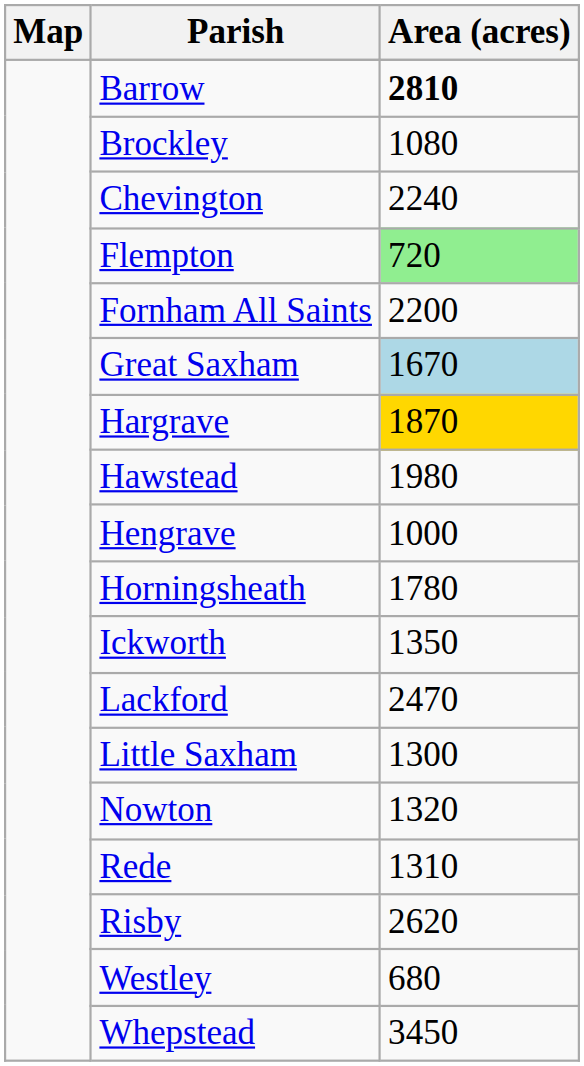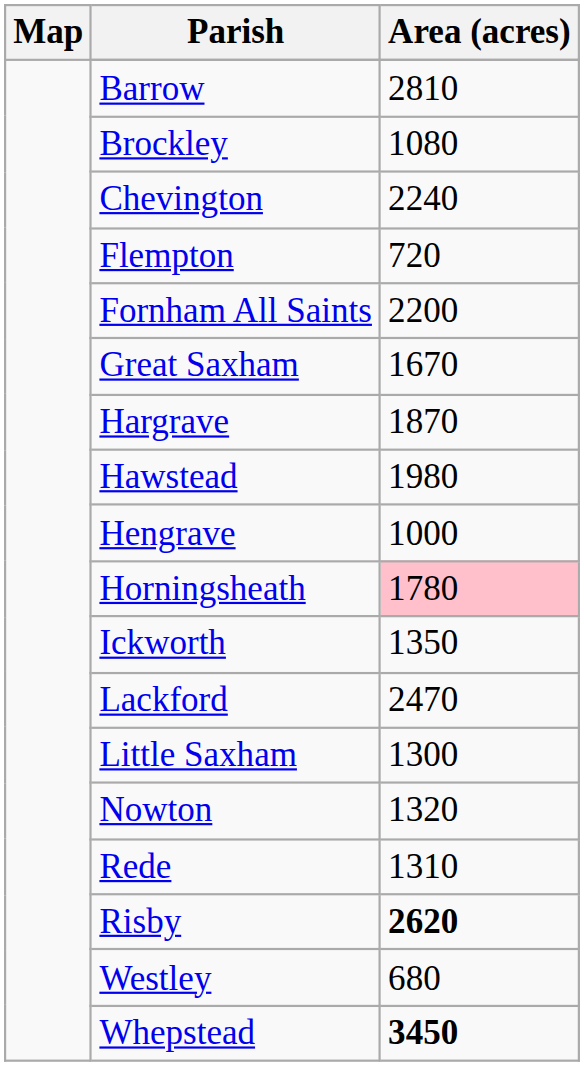 <table class="sortable wikitable vatop" style=" margin-right:2em;">
 <tr>
 <th>Map</th>
 <th>Parish</th>
 <th>Area (acres)</th>
 </tr>
 <tr>
 <td rowspan=19></td>
 </tr>
 <tr>
 <td><a href='#'>Barrow</a></td>
-<td><strong>2810</strong></td>
+<td>2810</td>
 </tr>
 <tr>
 <td><a href='#'>Brockley</a></td>
 <td>1080</td>
 </tr>
 <tr>
 <td><a href='#'>Chevington</a></td>
 <td>2240</td>
 </tr>
 <tr>
 <td><a href='#'>Flempton</a></td>
-<td style="background: lightgreen;">720</td>
+<td>720</td>
 </tr>
 <tr>
 <td><a href='#'>Fornham All Saints</a></td>
 <td>2200</td>
 </tr>
 <tr>
 <td><a href='#'>Great Saxham</a></td>
-<td style="background: lightblue;">1670</td>
+<td>1670</td>
 </tr>
 <tr>
 <td><a href='#'>Hargrave</a></td>
-<td style="background: gold;">1870</td>
+<td>1870</td>
 </tr>
 <tr>
 <td><a href='#'>Hawstead</a></td>
 <td>1980</td>
 </tr>
 <tr>
 <td><a href='#'>Hengrave</a></td>
 <td>1000</td>
 </tr>
 <tr>
 <td><a href='#'>Horningsheath</a></td>
-<td>1780</td>
+<td style="background: pink;">1780</td>
 </tr>
 <tr>
 <td><a href='#'>Ickworth</a></td>
 <td>1350</td>
 </tr>
 <tr>
 <td><a href='#'>Lackford</a></td>
 <td>2470</td>
 </tr>
 <tr>
 <td><a href='#'>Little Saxham</a></td>
 <td>1300</td>
 </tr>
 <tr>
 <td><a href='#'>Nowton</a></td>
 <td>1320</td>
 </tr>
 <tr>
 <td><a href='#'>Rede</a></td>
 <td>1310</td>
 </tr>
 <tr>
 <td><a href='#'>Risby</a></td>
-<td>2620</td>
+<td><strong>2620</strong></td>
 </tr>
 <tr>
 <td><a href='#'>Westley</a></td>
 <td>680</td>
 </tr>
 <tr>
 <td><a href='#'>Whepstead</a></td>
-<td>3450</td>
+<td><strong>3450</strong></td>
 </tr>
 </table>
